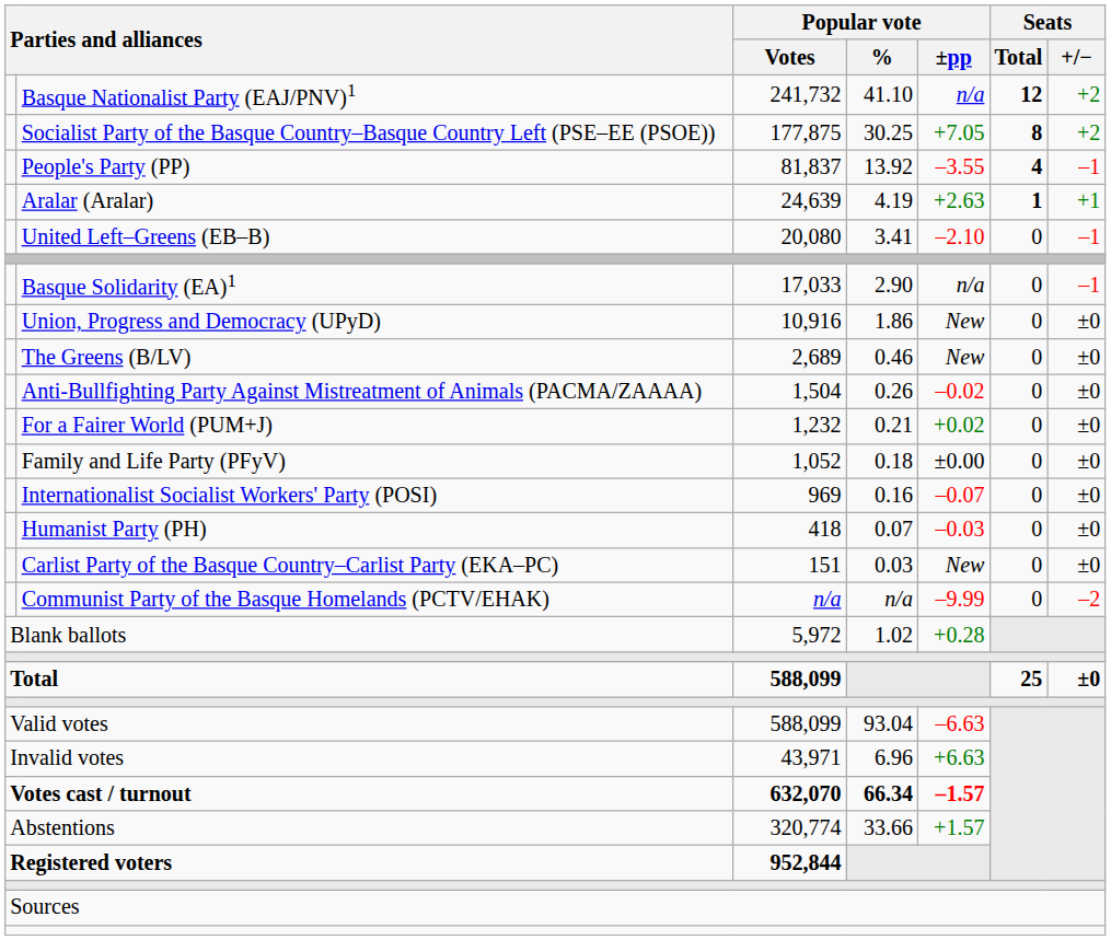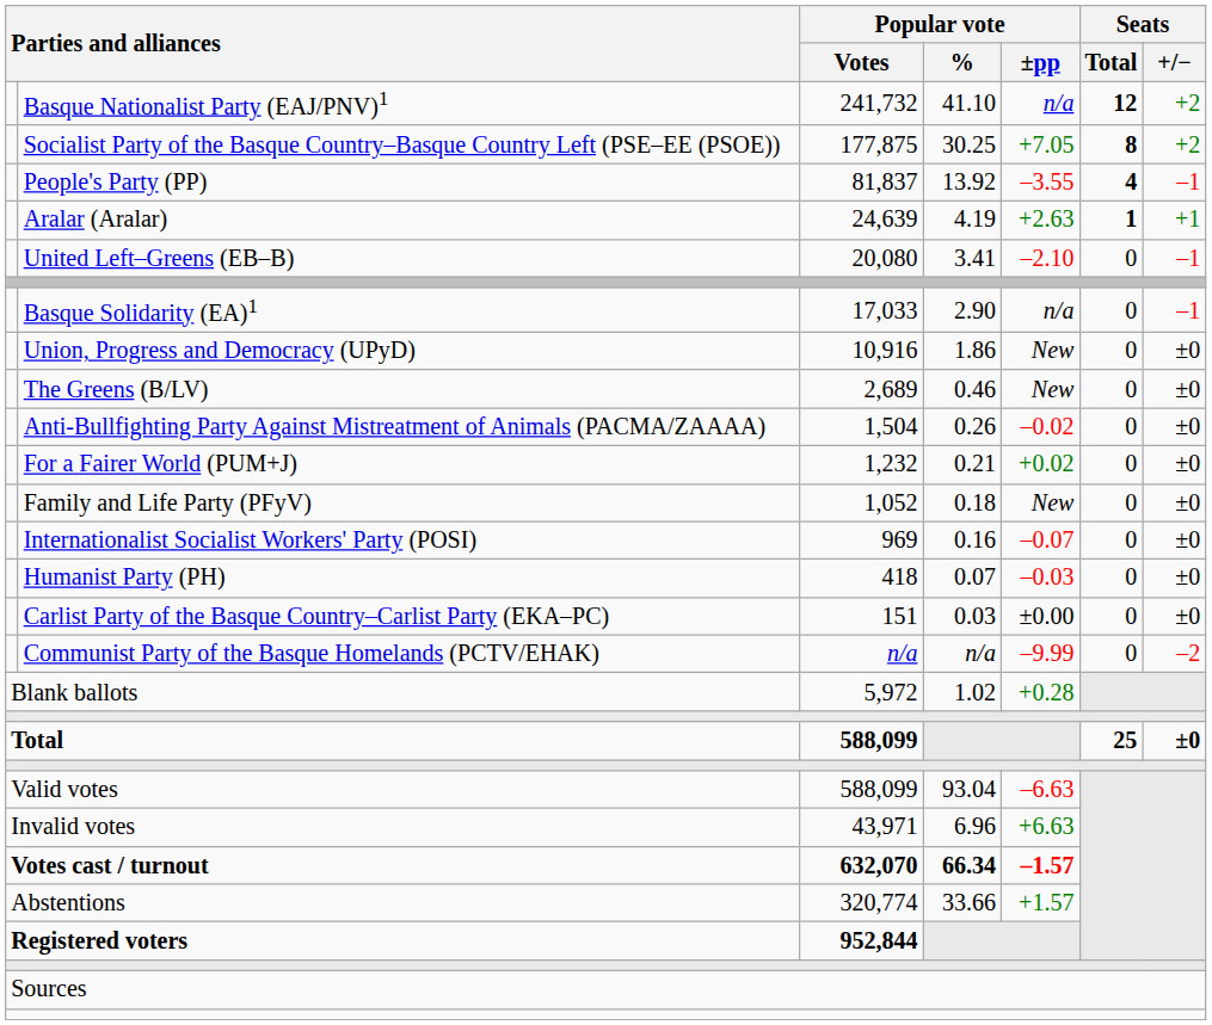 <table class="wikitable" style="text-align:right;">
 <tr>
 <th style="text-align:left;" rowspan="2" colspan="2" width="525">Parties and alliances</th>
 <th colspan="3">Popular vote</th>
 <th colspan="2">Seats</th>
 </tr>
 <tr>
 <th width="75">Votes</th>
 <th width="45">%</th>
 <th width="45">±<a href='#'>pp</a></th>
 <th width="35">Total</th>
 <th width="35">+/−</th>
 </tr>
 <tr>
 <td width="1" style="color:inherit;background:"></td>
 <td align="left"><a href='#'>Basque Nationalist Party</a> (EAJ/PNV)<sup>1</sup></td>
 <td>241,732</td>
 <td>41.10</td>
 <td><em><a href='#'>n/a</a></em></td>
 <td><strong>12</strong></td>
 <td style="color:green;">+2</td>
 </tr>
 <tr>
 <td style="color:inherit;background:"></td>
 <td align="left"><a href='#'>Socialist Party of the Basque Country–Basque Country Left</a> (PSE–EE (PSOE))</td>
 <td>177,875</td>
 <td>30.25</td>
 <td style="color:green;">+7.05</td>
 <td><strong>8</strong></td>
 <td style="color:green;">+2</td>
 </tr>
 <tr>
 <td style="color:inherit;background:"></td>
 <td align="left"><a href='#'>People's Party</a> (PP)</td>
 <td>81,837</td>
 <td>13.92</td>
 <td style="color:red;">–3.55</td>
 <td><strong>4</strong></td>
 <td style="color:red;">–1</td>
 </tr>
 <tr>
 <td style="color:inherit;background:"></td>
 <td align="left"><a href='#'>Aralar</a> (Aralar)</td>
 <td>24,639</td>
 <td>4.19</td>
 <td style="color:green;">+2.63</td>
 <td><strong>1</strong></td>
 <td style="color:green;">+1</td>
 </tr>
 <tr>
 <td style="color:inherit;background:"></td>
 <td align="left"><a href='#'>United Left–Greens</a> (EB–B)</td>
 <td>20,080</td>
 <td>3.41</td>
 <td style="color:red;">–2.10</td>
 <td>0</td>
 <td style="color:red;">–1</td>
 </tr>
 <tr>
 <td colspan="7" bgcolor="#C0C0C0"></td>
 </tr>
 <tr>
 <td style="color:inherit;background:"></td>
 <td align="left"><a href='#'>Basque Solidarity</a> (EA)<sup>1</sup></td>
 <td>17,033</td>
 <td>2.90</td>
 <td><em>n/a</em></td>
 <td>0</td>
 <td style="color:red;">–1</td>
 </tr>
 <tr>
 <td style="color:inherit;background:"></td>
 <td align="left"><a href='#'>Union, Progress and Democracy</a> (UPyD)</td>
 <td>10,916</td>
 <td>1.86</td>
 <td><em>New</em></td>
 <td>0</td>
 <td>±0</td>
 </tr>
 <tr>
 <td style="color:inherit;background:"></td>
 <td align="left"><a href='#'>The Greens</a> (B/LV)</td>
 <td>2,689</td>
 <td>0.46</td>
 <td><em>New</em></td>
 <td>0</td>
 <td>±0</td>
 </tr>
 <tr>
 <td style="color:inherit;background:"></td>
 <td align="left"><a href='#'>Anti-Bullfighting Party Against Mistreatment of Animals</a> (PACMA/ZAAAA)</td>
 <td>1,504</td>
 <td>0.26</td>
 <td style="color:red;">–0.02</td>
 <td>0</td>
 <td>±0</td>
 </tr>
 <tr>
 <td style="color:inherit;background:"></td>
 <td align="left"><a href='#'>For a Fairer World</a> (PUM+J)</td>
 <td>1,232</td>
 <td>0.21</td>
 <td style="color:green;">+0.02</td>
 <td>0</td>
 <td>±0</td>
 </tr>
 <tr>
 <td style="color:inherit;background:"></td>
 <td align="left">Family and Life Party (PFyV)</td>
 <td>1,052</td>
 <td>0.18</td>
-<td>±0.00</td>
+<td><em>New</em></td>
 <td>0</td>
 <td>±0</td>
 </tr>
 <tr>
 <td style="color:inherit;background:"></td>
 <td align="left"><a href='#'>Internationalist Socialist Workers' Party</a> (POSI)</td>
 <td>969</td>
 <td>0.16</td>
 <td style="color:red;">–0.07</td>
 <td>0</td>
 <td>±0</td>
 </tr>
 <tr>
 <td style="color:inherit;background:"></td>
 <td align="left"><a href='#'>Humanist Party</a> (PH)</td>
 <td>418</td>
 <td>0.07</td>
 <td style="color:red;">–0.03</td>
 <td>0</td>
 <td>±0</td>
 </tr>
 <tr>
 <td style="color:inherit;background:"></td>
 <td align="left"><a href='#'>Carlist Party of the Basque Country–Carlist Party</a> (EKA–PC)</td>
 <td>151</td>
 <td>0.03</td>
-<td><em>New</em></td>
+<td>±0.00</td>
 <td>0</td>
 <td>±0</td>
 </tr>
 <tr>
 <td style="color:inherit;background:"></td>
 <td align="left"><a href='#'>Communist Party of the Basque Homelands</a> (PCTV/EHAK)</td>
 <td><em><a href='#'>n/a</a></em></td>
 <td><em>n/a</em></td>
 <td style="color:red;">–9.99</td>
 <td>0</td>
 <td style="color:red;">–2</td>
 </tr>
 <tr>
 <td align="left" colspan="2">Blank ballots</td>
 <td>5,972</td>
 <td>1.02</td>
 <td style="color:green;">+0.28</td>
 <td bgcolor="#E9E9E9" colspan="2"></td>
 </tr>
 <tr>
 <td colspan="7" bgcolor="#E9E9E9"></td>
 </tr>
 <tr style="font-weight:bold;">
 <td align="left" colspan="2">Total</td>
 <td>588,099</td>
 <td bgcolor="#E9E9E9" colspan="2"></td>
 <td>25</td>
 <td>±0</td>
 </tr>
 <tr>
 <td colspan="7" bgcolor="#E9E9E9"></td>
 </tr>
 <tr>
 <td align="left" colspan="2">Valid votes</td>
 <td>588,099</td>
 <td>93.04</td>
 <td style="color:red;">–6.63</td>
 <td bgcolor="#E9E9E9" colspan="2" rowspan="5"></td>
 </tr>
 <tr>
 <td align="left" colspan="2">Invalid votes</td>
 <td>43,971</td>
 <td>6.96</td>
 <td style="color:green;">+6.63</td>
 </tr>
 <tr style="font-weight:bold;">
 <td align="left" colspan="2">Votes cast / turnout</td>
 <td>632,070</td>
 <td>66.34</td>
 <td style="color:red;">–1.57</td>
 </tr>
 <tr>
 <td align="left" colspan="2">Abstentions</td>
 <td>320,774</td>
 <td>33.66</td>
 <td style="color:green;">+1.57</td>
 </tr>
 <tr style="font-weight:bold;">
 <td align="left" colspan="2">Registered voters</td>
 <td>952,844</td>
 <td bgcolor="#E9E9E9" colspan="2"></td>
 </tr>
 <tr>
 <td colspan="7" bgcolor="#E9E9E9"></td>
 </tr>
 <tr>
 <td align="left" colspan="7">Sources</td>
 </tr>
 <tr>
 <td colspan="7" style="text-align:left; max-width:790px;"></td>
 </tr>
 </table>
